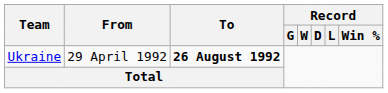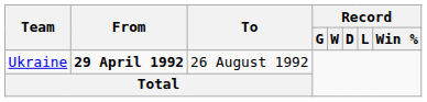 <table class="wikitable" style="text-align: center">
 <tr>
 <th rowspan=2>Team</th>
 <th rowspan=2>From</th>
 <th rowspan=2>To</th>
 <th colspan=5>Record</th>
 </tr>
 <tr>
 <th>G</th>
 <th>W</th>
 <th>D</th>
 <th>L</th>
 <th>Win %</th>
 </tr>
 <tr>
 <td align=left> <a href='#'>Ukraine</a></td>
-<td align=left>29 April 1992</td>
-<td align=left><strong>26 August 1992<br></strong></td>
+<td align=left><strong>29 April 1992</strong></td>
+<td align=left>26 August 1992<br></td>
 </tr>
 <tr>
 <th colspan=3>Total<br></th>
 </tr>
 </table>
